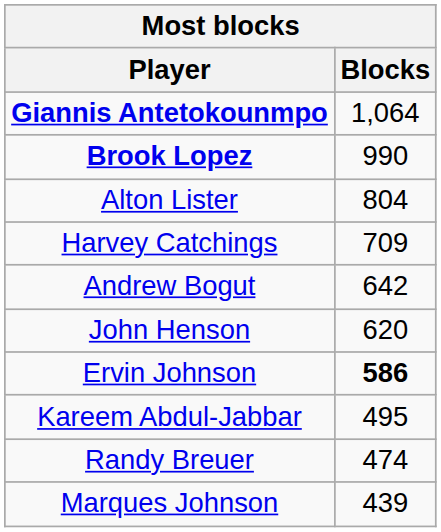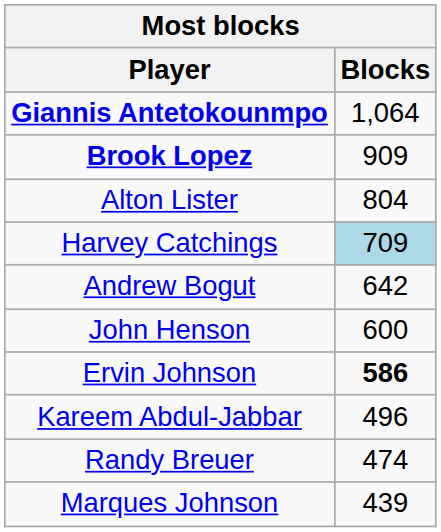 <table class="wikitable sortable" style="text-align:center">
 <tr>
 <th colspan="5">Most blocks</th>
 </tr>
 <tr>
 <th>Player</th>
 <th>Blocks</th>
 </tr>
 <tr>
 <td><strong><a href='#'>Giannis Antetokounmpo</a></strong></td>
 <td>1,064</td>
 </tr>
 <tr>
 <td><strong><a href='#'>Brook Lopez</a></strong></td>
-<td>990</td>
+<td>909</td>
 </tr>
 <tr>
 <td><a href='#'>Alton Lister</a></td>
 <td>804</td>
 </tr>
 <tr>
 <td><a href='#'>Harvey Catchings</a></td>
-<td>709</td>
+<td style="background: lightblue;">709</td>
 </tr>
 <tr>
 <td><a href='#'>Andrew Bogut</a></td>
 <td>642</td>
 </tr>
 <tr>
 <td><a href='#'>John Henson</a></td>
-<td>620</td>
+<td>600</td>
 </tr>
 <tr>
 <td><a href='#'>Ervin Johnson</a></td>
 <td><strong>586</strong></td>
 </tr>
 <tr>
 <td><a href='#'>Kareem Abdul-Jabbar</a></td>
-<td>495</td>
+<td>496</td>
 </tr>
 <tr>
 <td><a href='#'>Randy Breuer</a></td>
 <td>474</td>
 </tr>
 <tr>
 <td><a href='#'>Marques Johnson</a></td>
 <td>439</td>
 </tr>
 </table>
